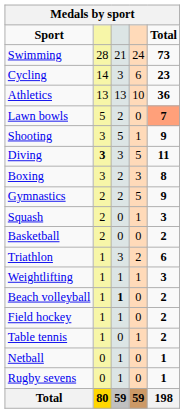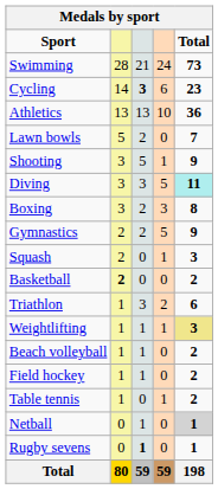 <table class="wikitable" style="font-size:85%;float:right;text-align:center">
 <tr bgcolor=EFEFEF>
 <th colspan=5>Medals by sport</th>
 </tr>
 <tr>
 <td><strong>Sport</strong></td>
 <td bgcolor=F7F6A8></td>
 <td bgcolor=DCE5E5></td>
 <td bgcolor=FFDAB9></td>
 <td><strong>Total</strong></td>
 </tr>
 <tr>
 <td align=left><a href='#'>Swimming</a></td>
 <td bgcolor=F7F6A8>28</td>
 <td bgcolor=DCE5E5>21</td>
 <td bgcolor=FFDAB9>24</td>
 <td><strong>73</strong></td>
 </tr>
 <tr>
 <td align=left><a href='#'>Cycling</a></td>
 <td bgcolor=F7F6A8>14</td>
-<td bgcolor=DCE5E5>3</td>
+<td bgcolor=DCE5E5><strong>3</strong></td>
 <td bgcolor=FFDAB9>6</td>
 <td><strong>23</strong></td>
 </tr>
 <tr>
 <td align=left><a href='#'>Athletics</a></td>
 <td bgcolor=F7F6A8>13</td>
 <td bgcolor=DCE5E5>13</td>
 <td bgcolor=FFDAB9>10</td>
 <td><strong>36</strong></td>
 </tr>
 <tr>
 <td align=left><a href='#'>Lawn bowls</a></td>
 <td bgcolor=F7F6A8>5</td>
 <td bgcolor=DCE5E5>2</td>
 <td bgcolor=FFDAB9>0</td>
-<td style="background: lightsalmon;"><strong>7</strong></td>
+<td><strong>7</strong></td>
 </tr>
 <tr>
 <td align=left><a href='#'>Shooting</a></td>
 <td bgcolor=F7F6A8>3</td>
 <td bgcolor=DCE5E5>5</td>
 <td bgcolor=FFDAB9>1</td>
 <td><strong>9</strong></td>
 </tr>
 <tr>
 <td align=left><a href='#'>Diving</a></td>
-<td bgcolor=F7F6A8><strong>3</strong></td>
+<td bgcolor=F7F6A8>3</td>
 <td bgcolor=DCE5E5>3</td>
 <td bgcolor=FFDAB9>5</td>
-<td><strong>11</strong></td>
+<td style="background: paleturquoise;"><strong>11</strong></td>
 </tr>
 <tr>
 <td align=left><a href='#'>Boxing</a></td>
 <td bgcolor=F7F6A8>3</td>
 <td bgcolor=DCE5E5>2</td>
 <td bgcolor=FFDAB9>3</td>
 <td><strong>8</strong></td>
 </tr>
 <tr>
 <td align=left><a href='#'>Gymnastics</a></td>
 <td bgcolor=F7F6A8>2</td>
 <td bgcolor=DCE5E5>2</td>
 <td bgcolor=FFDAB9>5</td>
 <td><strong>9</strong></td>
 </tr>
 <tr>
 <td align=left><a href='#'>Squash</a></td>
 <td bgcolor=F7F6A8>2</td>
 <td bgcolor=DCE5E5>0</td>
 <td bgcolor=FFDAB9>1</td>
 <td><strong>3</strong></td>
 </tr>
 <tr>
 <td align=left><a href='#'>Basketball</a></td>
-<td bgcolor=F7F6A8>2</td>
+<td bgcolor=F7F6A8><strong>2</strong></td>
 <td bgcolor=DCE5E5>0</td>
 <td bgcolor=FFDAB9>0</td>
 <td><strong>2</strong></td>
 </tr>
 <tr>
 <td align=left><a href='#'>Triathlon</a></td>
 <td bgcolor=F7F6A8>1</td>
 <td bgcolor=DCE5E5>3</td>
 <td bgcolor=FFDAB9>2</td>
 <td><strong>6</strong></td>
 </tr>
 <tr>
 <td align=left><a href='#'>Weightlifting</a></td>
 <td bgcolor=F7F6A8>1</td>
 <td bgcolor=DCE5E5>1</td>
 <td bgcolor=FFDAB9>1</td>
-<td><strong>3</strong></td>
+<td style="background: khaki;"><strong>3</strong></td>
 </tr>
 <tr>
 <td align=left><a href='#'>Beach volleyball</a></td>
 <td bgcolor=F7F6A8>1</td>
-<td bgcolor=DCE5E5><strong>1</strong></td>
+<td bgcolor=DCE5E5>1</td>
 <td bgcolor=FFDAB9>0</td>
 <td><strong>2</strong></td>
 </tr>
 <tr>
 <td align=left><a href='#'>Field hockey</a></td>
 <td bgcolor=F7F6A8>1</td>
 <td bgcolor=DCE5E5>1</td>
 <td bgcolor=FFDAB9>0</td>
 <td><strong>2</strong></td>
 </tr>
 <tr>
 <td align=left><a href='#'>Table tennis</a></td>
 <td bgcolor=F7F6A8>1</td>
 <td bgcolor=DCE5E5>0</td>
 <td bgcolor=FFDAB9>1</td>
 <td><strong>2</strong></td>
 </tr>
 <tr>
 <td align=left><a href='#'>Netball</a></td>
 <td bgcolor=F7F6A8>0</td>
 <td bgcolor=DCE5E5>1</td>
 <td bgcolor=FFDAB9>0</td>
-<td><strong>1</strong></td>
+<td style="background: lightgrey;"><strong>1</strong></td>
 </tr>
 <tr>
 <td align=left><a href='#'>Rugby sevens</a></td>
 <td bgcolor=F7F6A8>0</td>
-<td bgcolor=DCE5E5>1</td>
+<td bgcolor=DCE5E5><strong>1</strong></td>
 <td bgcolor=FFDAB9>0</td>
 <td><strong>1</strong></td>
 </tr>
 <tr>
 <th>Total</th>
 <th style="background:gold;">80</th>
 <th style="background:silver;">59</th>
 <th style="background:#c96;">59</th>
 <th>198</th>
 </tr>
 </table>
